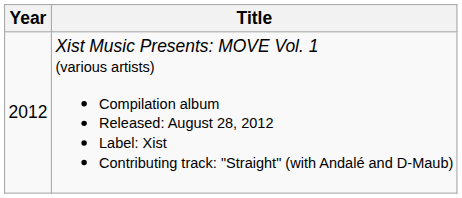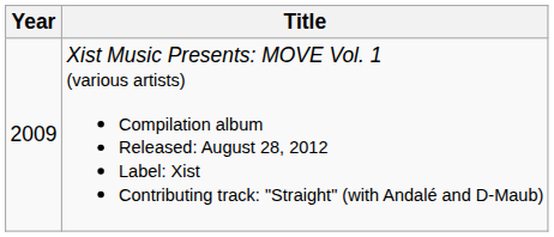 <table class="wikitable">
 <tr>
 <th>Year</th>
 <th>Title</th>
 </tr>
 <tr>
-<td>2012</td>
+<td>2009</td>
 <td><em>Xist Music Presents: MOVE Vol. 1</em><br><small>(various artists)</small><br><ul><li><small>Compilation album</small></li><li><small>Released: August 28, 2012</small></li><li><small>Label: Xist</small></li><li><small>Contributing track: "Straight" (with Andalé and D-Maub)</small></li></ul></td>
 </tr>
 </table>
